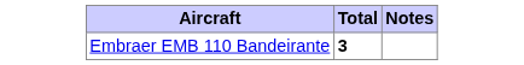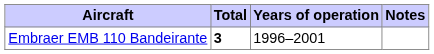 <table class="toccolours" border="1" cellpadding="3" style="margin:1em auto; border-collapse:collapse">
 <tr bgcolor=#ccccff>
 <th>Aircraft</th>
 <th>Total</th>
+<th>Years of operation</th>
 <th>Notes</th>
 </tr>
 <tr>
 <td><a href='#'>Embraer EMB 110 Bandeirante</a></td>
 <td><strong>3</strong></td>
+<td>1996–2001</td>
 <td></td>
 </tr>
 </table>
